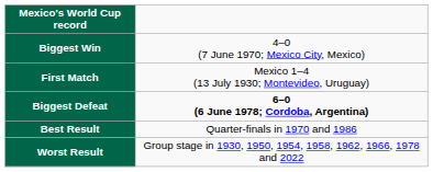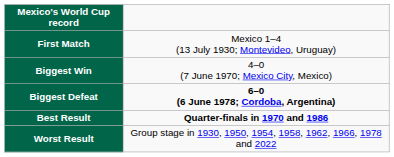 <table class="wikitable collapsible collapsed" style="width:50%;text-align:center">
 <tr>
 <th style="background:#016549; color:white; "><strong>Mexico's World Cup record</strong></th>
 </tr>
 <tr>
+<th style="background:#016549; color:white; ">First Match</th>
+<td> Mexico 1–4 <br> (13 July 1930; <a href='#'>Montevideo</a>, Uruguay)</td>
+</tr>
+<tr>
 <th style="background:#016549; color:white; ">Biggest Win</th>
 <td> 4–0 <br> (7 June 1970; <a href='#'>Mexico City</a>, Mexico)</td>
-</tr>
-<tr>
-<th style="background:#016549; color:white; ">First Match</th>
-<td> Mexico 1–4 <br> (13 July 1930; <a href='#'>Montevideo</a>, Uruguay)</td>
 </tr>
 <tr>
 <th style="background:#016549; color:white; ">Biggest Defeat</th>
 <td><strong> 6–0 <br> (6 June 1978; <a href='#'>Cordoba</a>, Argentina)</strong></td>
 </tr>
 <tr>
 <th style="background:#016549; color:white; ">Best Result</th>
-<td>Quarter-finals in <a href='#'>1970</a> and <a href='#'>1986</a></td>
+<td><strong>Quarter-finals in <a href='#'>1970</a> and <a href='#'>1986</a></strong></td>
 </tr>
 <tr>
 <th style="background:#016549; color:white; ">Worst Result</th>
 <td>Group stage in <a href='#'>1930</a>, <a href='#'>1950</a>, <a href='#'>1954</a>, <a href='#'>1958</a>, <a href='#'>1962</a>, <a href='#'>1966</a>, <a href='#'>1978</a> and <a href='#'>2022</a></td>
 </tr>
 </table>
